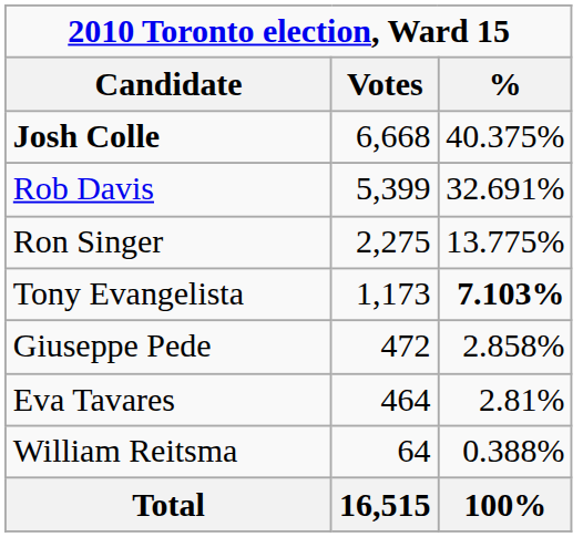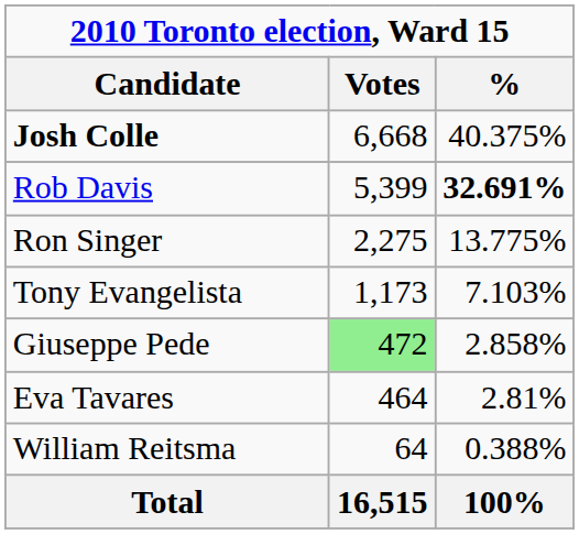 <table class="wikitable">
 <tr>
 <td Colspan="3" align="center"><strong><a href='#'>2010 Toronto election</a>, Ward 15 </strong></td>
 </tr>
 <tr>
 <th bgcolor="#DDDDFF" width="150px">Candidate</th>
 <th bgcolor="#DDDDFF">Votes</th>
 <th bgcolor="#DDDDFF">%</th>
 </tr>
 <tr>
 <td><strong>Josh Colle</strong></td>
 <td align=right>6,668</td>
 <td align=right>40.375%</td>
 </tr>
 <tr>
 <td><a href='#'>Rob Davis</a></td>
 <td align=right>5,399</td>
-<td align=right>32.691%</td>
+<td align=right><strong>32.691%</strong></td>
 </tr>
 <tr>
 <td>Ron Singer</td>
 <td align=right>2,275</td>
 <td align=right>13.775%</td>
 </tr>
 <tr>
 <td>Tony Evangelista</td>
 <td align=right>1,173</td>
-<td align=right><strong>7.103%</strong></td>
+<td align=right>7.103%</td>
 </tr>
 <tr>
 <td>Giuseppe Pede</td>
-<td align=right>472</td>
+<td align=right style="background: lightgreen;">472</td>
 <td align=right>2.858%</td>
 </tr>
 <tr>
 <td>Eva Tavares</td>
 <td align=right>464</td>
 <td align=right>2.81%</td>
 </tr>
 <tr>
 <td>William Reitsma</td>
 <td align=right>64</td>
 <td align=right>0.388%</td>
 </tr>
 <tr>
 <th>Total</th>
 <th align=right>16,515</th>
 <th align=right>100%</th>
 </tr>
 </table>
